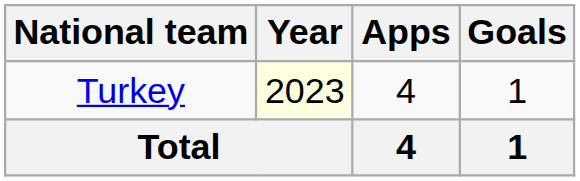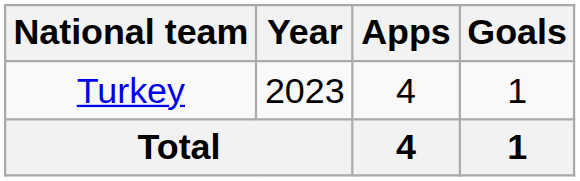 <table class="wikitable" style="text-align:center">
 <tr>
 <th>National team</th>
 <th>Year</th>
 <th>Apps</th>
 <th>Goals</th>
 </tr>
 <tr>
 <td rowspan="1"><a href='#'>Turkey</a></td>
-<td style="background: lightyellow;">2023</td>
+<td>2023</td>
 <td>4</td>
 <td>1</td>
 </tr>
 <tr>
 <th colspan="2">Total</th>
 <th>4</th>
 <th>1</th>
 </tr>
 </table>
